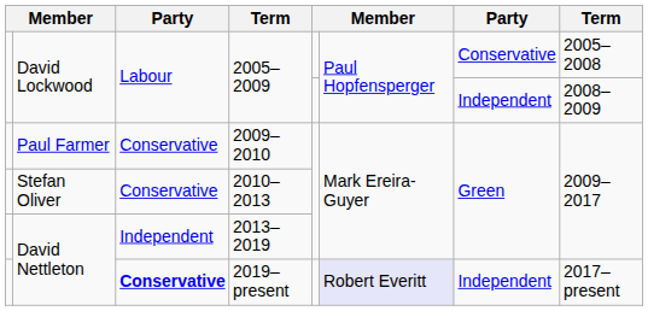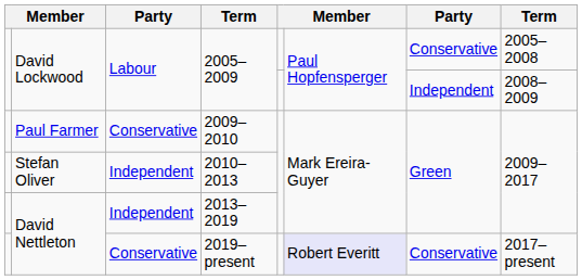 <table class="wikitable">
 <tr>
 <th colspan="2">Member</th>
 <th>Party</th>
 <th>Term</th>
 <th colspan="2">Member</th>
 <th>Party</th>
 <th>Term</th>
 </tr>
 <tr>
 <td rowspan="2" style="background-color: "></td>
 <td rowspan="2">David Lockwood</td>
 <td rowspan="2"><a href='#'>Labour</a></td>
 <td rowspan="2">2005–2009</td>
 <td style="background-color: "></td>
 <td rowspan="2"><a href='#'>Paul Hopfensperger</a></td>
 <td><a href='#'>Conservative</a></td>
 <td>2005–2008</td>
 </tr>
 <tr>
 <td style="background-color: "></td>
 <td><a href='#'>Independent</a></td>
 <td>2008–2009</td>
 </tr>
 <tr>
 <td style="background-color: "></td>
 <td><a href='#'>Paul Farmer</a></td>
 <td><a href='#'>Conservative</a></td>
 <td>2009–2010</td>
 <td rowspan="3" style="background-color: "></td>
 <td rowspan="3">Mark Ereira-Guyer</td>
 <td rowspan="3"><a href='#'>Green</a></td>
 <td rowspan="3">2009–2017</td>
 </tr>
 <tr>
 <td style="background-color: "></td>
 <td>Stefan Oliver</td>
-<td><a href='#'>Conservative</a></td>
+<td><a href='#'>Independent</a></td>
 <td>2010–2013</td>
 </tr>
 <tr>
 <td style="background-color: "></td>
 <td rowspan="2">David Nettleton</td>
 <td><a href='#'>Independent</a></td>
 <td>2013–2019</td>
 </tr>
 <tr>
 <td style="background-color: "></td>
-<td><strong><a href='#'>Conservative</a></strong></td>
+<td><a href='#'>Conservative</a></td>
 <td>2019–present</td>
 <td style="background-color: "></td>
 <td style="background: lavender;">Robert Everitt</td>
-<td><a href='#'>Independent</a></td>
+<td><a href='#'>Conservative</a></td>
 <td>2017–present</td>
 </tr>
 </table>
